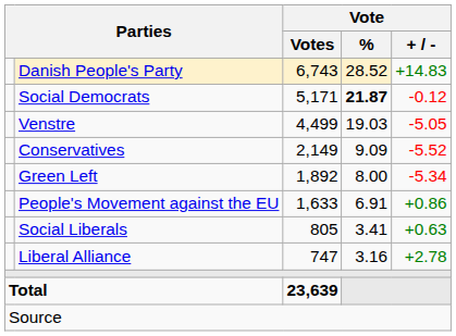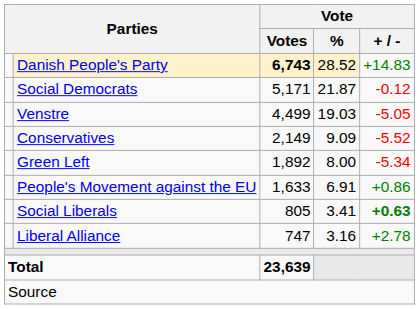 <table class="wikitable" style="text-align:right;">
 <tr>
 <th style="text-align:centre;" rowspan="2" colspan="2" width="225">Parties</th>
 <th colspan="3">Vote</th>
 </tr>
 <tr>
 <th width="15">Votes</th>
 <th width="15">%</th>
 <th width="15">+ / -</th>
 </tr>
 <tr>
 <td width="2" style="color:inherit;background:"></td>
 <td bgcolor=#fef2cc   align="left"><a href='#'>Danish People's Party</a></td>
-<td bgcolor=#fef2cc>6,743</td>
+<td bgcolor=#fef2cc><strong>6,743</strong></td>
 <td bgcolor=#fef2cc>28.52</td>
 <td style=color:green;>+14.83</td>
 </tr>
 <tr>
 <td width="2" style="color:inherit;background:"></td>
 <td align="left"><a href='#'>Social Democrats</a></td>
 <td>5,171</td>
-<td><strong>21.87</strong></td>
+<td>21.87</td>
 <td style=color:red;>-0.12</td>
 </tr>
 <tr>
 <td width="2" style="color:inherit;background:"></td>
 <td align="left"><a href='#'>Venstre</a></td>
 <td>4,499</td>
 <td>19.03</td>
 <td style=color:red;>-5.05</td>
 </tr>
 <tr>
 <td width="2" style="color:inherit;background:"></td>
 <td align="left"><a href='#'>Conservatives</a></td>
 <td>2,149</td>
 <td>9.09</td>
 <td style=color:red;>-5.52</td>
 </tr>
 <tr>
 <td width="2" style="color:inherit;background:"></td>
 <td align="left"><a href='#'>Green Left</a></td>
 <td>1,892</td>
 <td>8.00</td>
 <td style=color:red;>-5.34</td>
 </tr>
 <tr>
 <td width="2" style="color:inherit;background:"></td>
 <td align="left"><a href='#'>People's Movement against the EU</a></td>
 <td>1,633</td>
 <td>6.91</td>
 <td style=color:green;>+0.86</td>
 </tr>
 <tr>
 <td width="2" style="color:inherit;background:"></td>
 <td align="left"><a href='#'>Social Liberals</a></td>
 <td>805</td>
 <td>3.41</td>
-<td style=color:green;>+0.63</td>
+<td style=color:green;><strong>+0.63</strong></td>
 </tr>
 <tr>
 <td width="2" style="color:inherit;background:"></td>
 <td align="left"><a href='#'>Liberal Alliance</a></td>
 <td>747</td>
 <td>3.16</td>
 <td style=color:green;>+2.78</td>
 </tr>
 <tr>
 <td colspan="7" bgcolor="#E9E9E9"></td>
 </tr>
 <tr>
 <td align="left" colspan="2"><strong>Total</strong></td>
 <td><strong>23,639</strong></td>
 <td bgcolor="#E9E9E9" colspan="2"></td>
 </tr>
 <tr>
 <td align="left" colspan="6">Source</td>
 </tr>
 </table>
